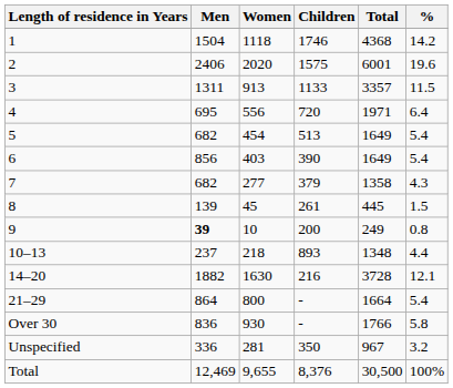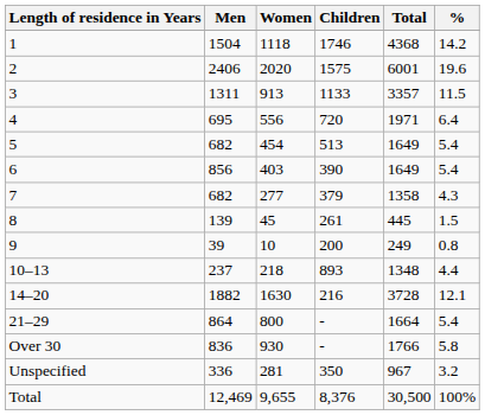 <table class="wikitable">
 <tr>
 <th>Length of residence in Years</th>
 <th>Men</th>
 <th>Women</th>
 <th>Children</th>
 <th>Total</th>
 <th>%</th>
 </tr>
 <tr>
 </tr>
 <tr Years ||  ||  || ||  || ->
 <td>1</td>
 <td>1504</td>
 <td>1118</td>
 <td>1746</td>
 <td>4368</td>
 <td>14.2</td>
 </tr>
 <tr>
 <td>2</td>
 <td>2406</td>
 <td>2020</td>
 <td>1575</td>
 <td>6001</td>
 <td>19.6</td>
 </tr>
 <tr>
 <td>3</td>
 <td>1311</td>
 <td>913</td>
 <td>1133</td>
 <td>3357</td>
 <td>11.5</td>
 </tr>
 <tr>
 <td>4</td>
 <td>695</td>
 <td>556</td>
 <td>720</td>
 <td>1971</td>
 <td>6.4</td>
 </tr>
 <tr>
 <td>5</td>
 <td>682</td>
 <td>454</td>
 <td>513</td>
 <td>1649</td>
 <td>5.4</td>
 </tr>
 <tr>
 <td>6</td>
 <td>856</td>
 <td>403</td>
 <td>390</td>
 <td>1649</td>
 <td>5.4</td>
 </tr>
 <tr>
 <td>7</td>
 <td>682</td>
 <td>277</td>
 <td>379</td>
 <td>1358</td>
 <td>4.3</td>
 </tr>
 <tr>
 <td>8</td>
 <td>139</td>
 <td>45</td>
 <td>261</td>
 <td>445</td>
 <td>1.5</td>
 </tr>
 <tr>
 <td>9</td>
-<td><strong>39</strong></td>
+<td>39</td>
 <td>10</td>
 <td>200</td>
 <td>249</td>
 <td>0.8</td>
 </tr>
 <tr>
 <td>10–13</td>
 <td>237</td>
 <td>218</td>
 <td>893</td>
 <td>1348</td>
 <td>4.4</td>
 </tr>
 <tr>
 <td>14–20</td>
 <td>1882</td>
 <td>1630</td>
 <td>216</td>
 <td>3728</td>
 <td>12.1</td>
 </tr>
 <tr>
 <td>21–29</td>
 <td>864</td>
 <td>800</td>
 <td>-</td>
 <td>1664</td>
 <td>5.4</td>
 </tr>
 <tr>
 <td>Over 30</td>
 <td>836</td>
 <td>930</td>
 <td>-</td>
 <td>1766</td>
 <td>5.8</td>
 </tr>
 <tr>
 <td>Unspecified</td>
 <td>336</td>
 <td>281</td>
 <td>350</td>
 <td>967</td>
 <td>3.2</td>
 </tr>
 <tr>
 <td>Total</td>
 <td>12,469</td>
 <td>9,655</td>
 <td>8,376</td>
 <td>30,500</td>
 <td>100%</td>
 </tr>
 </table>
